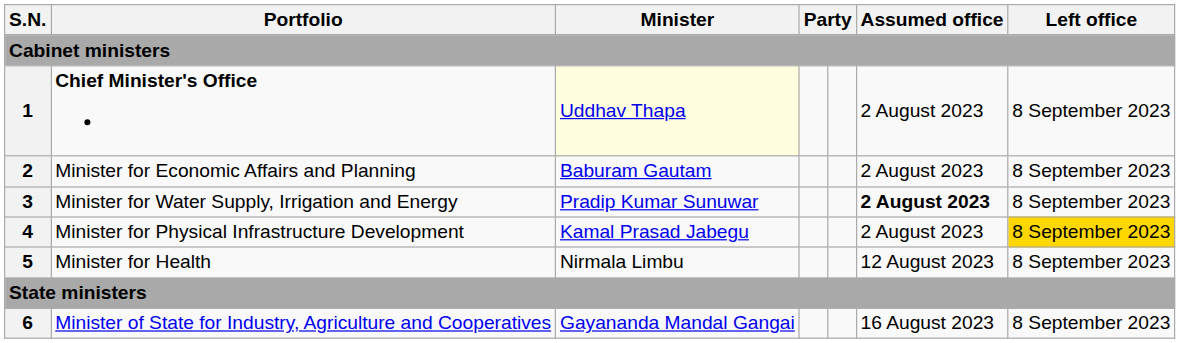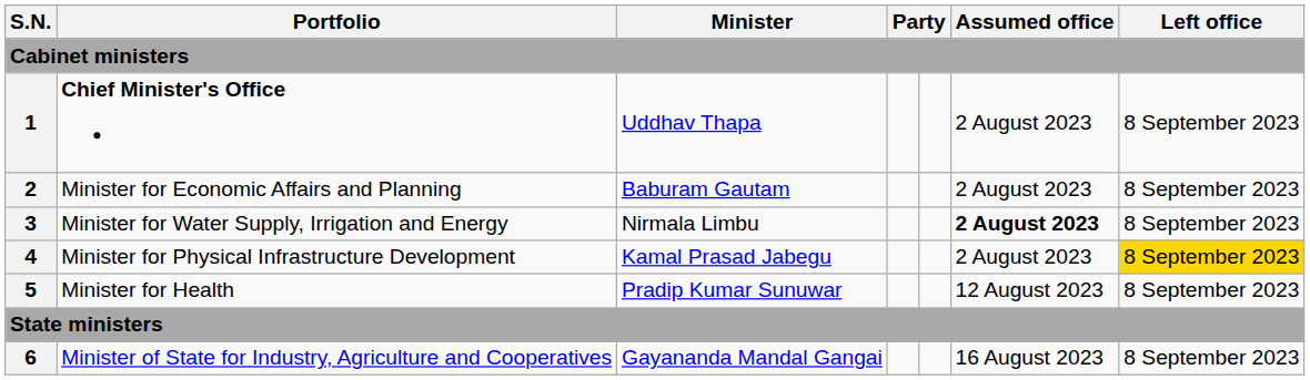 <table class="wikitable">
 <tr>
 <th>S.N.</th>
 <th>Portfolio</th>
 <th>Minister</th>
 <th colspan="2">Party</th>
 <th>Assumed office</th>
 <th>Left office</th>
 </tr>
 <tr>
 <td colspan="7" bgcolor="darkgrey"><strong>Cabinet ministers</strong></td>
 </tr>
 <tr>
 <th>1</th>
 <td><strong>Chief Minister's Office</strong><br><ul><li></li></ul></td>
-<td style="background: lightyellow;"><a href='#'>Uddhav Thapa</a></td>
+<td><a href='#'>Uddhav Thapa</a></td>
 <td></td>
 <td></td>
 <td>2 August 2023</td>
 <td>8 September 2023</td>
 </tr>
 <tr>
 <th>2</th>
 <td>Minister for Economic Affairs and Planning</td>
 <td><a href='#'>Baburam Gautam</a></td>
 <td></td>
 <td></td>
 <td>2 August 2023</td>
 <td>8 September 2023</td>
 </tr>
 <tr>
 <th>3</th>
 <td>Minister for Water Supply, Irrigation and Energy</td>
-<td><a href='#'>Pradip Kumar Sunuwar</a></td>
+<td>Nirmala Limbu</td>
 <td></td>
 <td></td>
 <td><strong>2 August 2023</strong></td>
 <td>8 September 2023</td>
 </tr>
 <tr>
 <th>4</th>
 <td>Minister for Physical Infrastructure Development</td>
 <td><a href='#'>Kamal Prasad Jabegu</a></td>
 <td></td>
 <td></td>
 <td>2 August 2023</td>
 <td style="background: gold;">8 September 2023</td>
 </tr>
 <tr>
 <th>5</th>
 <td>Minister for Health</td>
-<td>Nirmala Limbu</td>
+<td><a href='#'>Pradip Kumar Sunuwar</a></td>
 <td></td>
 <td></td>
 <td>12 August 2023</td>
 <td>8 September 2023</td>
 </tr>
 <tr>
 <td colspan="7" bgcolor="darkgrey"><strong>State ministers</strong></td>
 </tr>
 <tr>
 <th>6</th>
 <td><a href='#'>Minister of State for Industry, Agriculture and Cooperatives</a></td>
 <td><a href='#'>Gayananda Mandal Gangai</a></td>
 <td></td>
 <td></td>
 <td>16 August 2023</td>
 <td>8 September 2023</td>
 </tr>
 </table>
